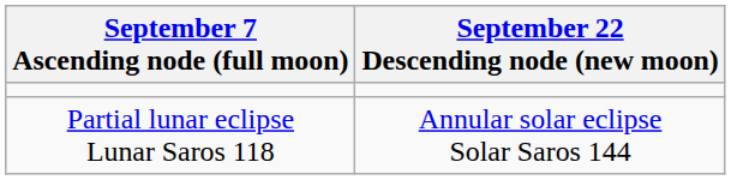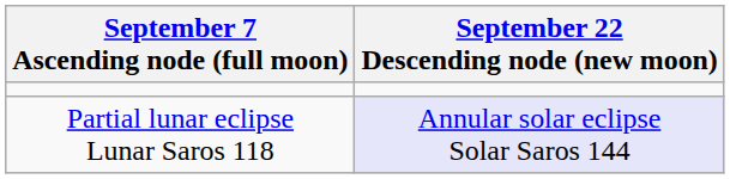 <table class="wikitable">
 <tr>
 <th><a href='#'>September 7</a><br>Ascending node (full moon)<br></th>
 <th><a href='#'>September 22</a><br>Descending node (new moon)<br></th>
 </tr>
 <tr>
 <td></td>
 <td></td>
 </tr>
 <tr align=center>
 <td><a href='#'>Partial lunar eclipse</a><br>Lunar Saros 118</td>
-<td><a href='#'>Annular solar eclipse</a><br>Solar Saros 144</td>
+<td style="background: lavender;"><a href='#'>Annular solar eclipse</a><br>Solar Saros 144</td>
 </tr>
 </table>
